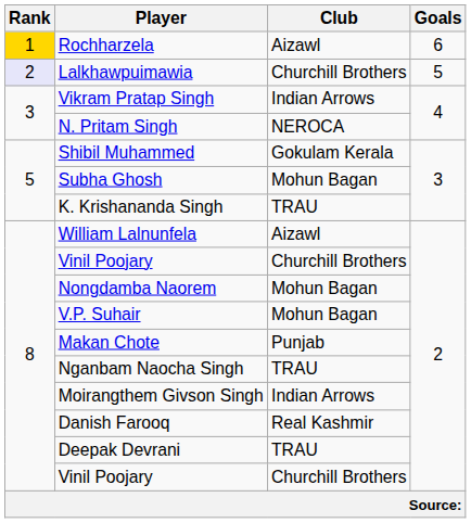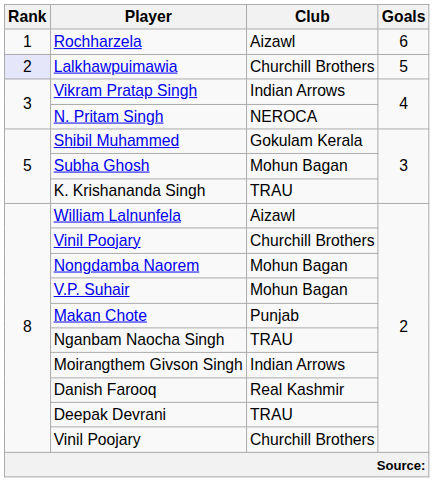 <table class="wikitable" style="text-align:center">
 <tr>
 <th>Rank</th>
 <th>Player</th>
 <th>Club</th>
 <th>Goals</th>
 </tr>
 <tr>
-<td rowspan="1" style="background: gold;">1</td>
+<td rowspan="1">1</td>
 <td align="left"><a href='#'>Rochharzela</a></td>
 <td align="left">Aizawl</td>
 <td rowspan="1">6</td>
 </tr>
 <tr>
 <td rowspan="1" style="background: lavender;">2</td>
 <td align="left"><a href='#'>Lalkhawpuimawia</a></td>
 <td align="left">Churchill Brothers</td>
 <td rowspan="1">5</td>
 </tr>
 <tr>
 <td rowspan="2">3</td>
 <td align="left"><a href='#'>Vikram Pratap Singh</a></td>
 <td align="left">Indian Arrows</td>
 <td rowspan="2">4</td>
 </tr>
 <tr>
 <td align="left"><a href='#'>N. Pritam Singh</a></td>
 <td align="left">NEROCA</td>
 </tr>
 <tr>
 <td rowspan="3">5</td>
 <td align="left"><a href='#'>Shibil Muhammed</a></td>
 <td align="left">Gokulam Kerala</td>
 <td rowspan="3">3</td>
 </tr>
 <tr>
 <td align="left"><a href='#'>Subha Ghosh</a></td>
 <td align="left">Mohun Bagan</td>
 </tr>
 <tr>
 <td align="left">K. Krishananda Singh</td>
 <td align="left">TRAU</td>
 </tr>
 <tr>
 <td rowspan="10">8</td>
 <td align="left"><a href='#'>William Lalnunfela</a></td>
 <td align="left">Aizawl</td>
 <td rowspan="10">2</td>
 </tr>
 <tr>
 <td align="left"><a href='#'>Vinil Poojary</a></td>
 <td align="left">Churchill Brothers</td>
 </tr>
 <tr>
 <td align="left"><a href='#'>Nongdamba Naorem</a></td>
 <td align="left">Mohun Bagan</td>
 </tr>
 <tr>
 <td align="left"><a href='#'>V.P. Suhair</a></td>
 <td align="left">Mohun Bagan</td>
 </tr>
 <tr>
 <td align="left"><a href='#'>Makan Chote</a></td>
 <td align="left">Punjab</td>
 </tr>
 <tr>
 <td align="left">Nganbam Naocha Singh</td>
 <td align="left">TRAU</td>
 </tr>
 <tr>
 <td align="left">Moirangthem Givson Singh</td>
 <td align="left">Indian Arrows</td>
 </tr>
 <tr>
 <td align="left">Danish Farooq</td>
 <td align="left">Real Kashmir</td>
 </tr>
 <tr>
 <td align="left">Deepak Devrani</td>
 <td align="left">TRAU</td>
 </tr>
 <tr>
 <td align="left">Vinil Poojary</td>
 <td align="left">Churchill Brothers</td>
 </tr>
 <tr>
 <th colspan="5" style="text-align:right;"><small>Source:</small></th>
 </tr>
 </table>
